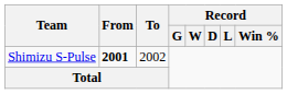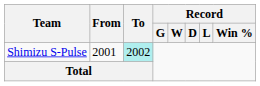 <table class="wikitable" style="text-align:center">
 <tr>
 <th rowspan="2">Team</th>
 <th rowspan="2">From</th>
 <th rowspan="2">To</th>
 <th colspan="5">Record</th>
 </tr>
 <tr>
 <th>G</th>
 <th>W</th>
 <th>D</th>
 <th>L</th>
 <th>Win %</th>
 </tr>
 <tr>
 <td align="left"><a href='#'>Shimizu S-Pulse</a></td>
-<td align="left"><strong>2001</strong></td>
-<td align="left">2002<br></td>
+<td align="left">2001</td>
+<td align="left" style="background: paleturquoise;">2002<br></td>
 </tr>
 <tr>
 <th colspan="3">Total<br></th>
 </tr>
 </table>
